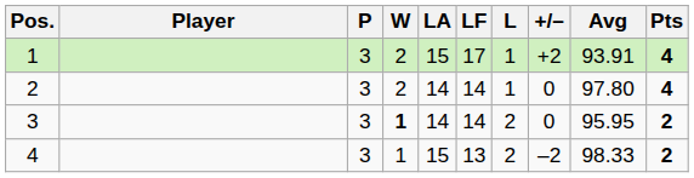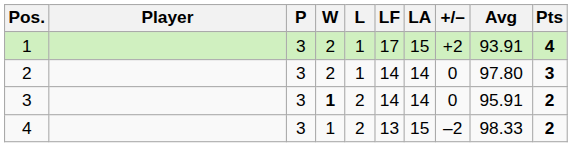 <table class="wikitable" style="text-align:center; margin: 1em auto 1em auto, align:left">
 <tr>
 <th width=20>Pos.</th>
 <th width=212>Player</th>
 <th width=20>P</th>
 <th width=20>W</th>
+<th width=20>L</th>
+<th width=20>LF</th>
 <th width=20>LA</th>
-<th width=20>LF</th>
-<th width=20>L</th>
 <th width=25>+/–</th>
 <th width=50>Avg</th>
 <th width=20>Pts</th>
 </tr>
 <tr style="background:#D0F0C0;">
 <td>1</td>
 <td align=left></td>
 <td>3</td>
 <td>2</td>
+<td>1</td>
+<td>17</td>
 <td>15</td>
-<td>17</td>
-<td>1</td>
 <td>+2</td>
 <td>93.91</td>
 <td><strong>4</strong></td>
 </tr>
 <tr style=>
 <td>2</td>
 <td align=left></td>
 <td>3</td>
 <td>2</td>
+<td>1</td>
 <td>14</td>
 <td>14</td>
-<td>1</td>
 <td>0</td>
 <td>97.80</td>
-<td><strong>4</strong></td>
+<td><strong>3</strong></td>
 </tr>
 <tr style=>
 <td>3</td>
 <td align=left></td>
 <td>3</td>
 <td><strong>1</strong></td>
+<td>2</td>
 <td>14</td>
 <td>14</td>
-<td>2</td>
 <td>0</td>
-<td>95.95</td>
+<td>95.91</td>
 <td><strong>2</strong></td>
 </tr>
 <tr style=>
 <td>4</td>
 <td align=left></td>
 <td>3</td>
 <td>1</td>
+<td>2</td>
+<td>13</td>
 <td>15</td>
-<td>13</td>
-<td>2</td>
 <td>–2</td>
 <td>98.33</td>
 <td><strong>2</strong></td>
 </tr>
 </table>
